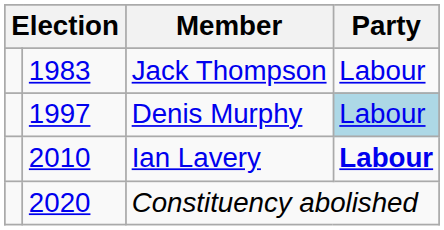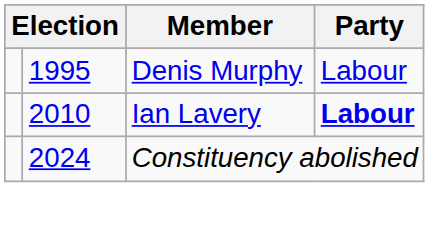 <table class="wikitable">
 <tr>
 <th colspan="2">Election</th>
 <th>Member</th>
 <th>Party</th>
 </tr>
 <tr>
 <td style="color:inherit;background-color: "></td>
-<td><a href='#'>1983</a></td>
-<td><a href='#'>Jack Thompson</a></td>
+<td><a href='#'>1995</a></td>
+<td><a href='#'>Denis Murphy</a></td>
 <td><a href='#'>Labour</a></td>
-</tr>
-<tr>
-<td style="color:inherit;background-color: "></td>
-<td><a href='#'>1997</a></td>
-<td><a href='#'>Denis Murphy</a></td>
-<td style="background: lightblue;"><a href='#'>Labour</a></td>
 </tr>
 <tr>
 <td style="color:inherit;background-color: "></td>
 <td><a href='#'>2010</a></td>
 <td><a href='#'>Ian Lavery</a></td>
 <td><strong><a href='#'>Labour</a></strong></td>
 </tr>
 <tr>
 <td></td>
-<td><a href='#'>2020</a></td>
+<td><a href='#'>2024</a></td>
 <td colspan="2"><em>Constituency abolished</em></td>
 </tr>
 </table>
